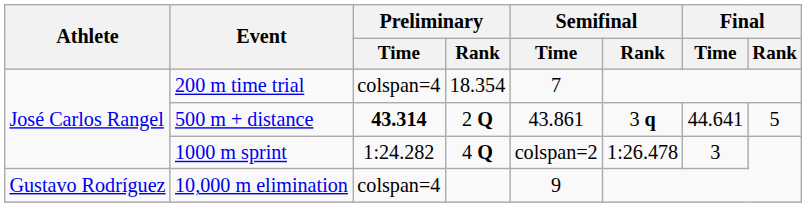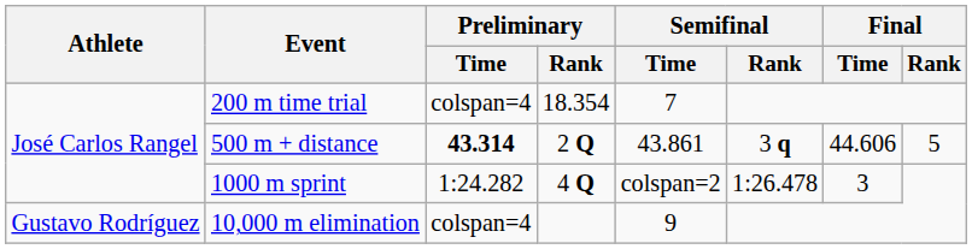 <table class=wikitable style=font-size:90%;text-align:center>
 <tr>
 <th rowspan=2>Athlete</th>
 <th rowspan=2>Event</th>
 <th colspan=2>Preliminary</th>
 <th colspan=2>Semifinal</th>
 <th colspan=2>Final</th>
 </tr>
 <tr style=font-size:95%>
 <th>Time</th>
 <th>Rank</th>
 <th>Time</th>
 <th>Rank</th>
 <th>Time</th>
 <th>Rank</th>
 </tr>
 <tr>
 <td rowspan=3 align=left><a href='#'>José Carlos Rangel</a></td>
 <td align=left><a href='#'>200 m time trial</a></td>
 <td>colspan=4 </td>
 <td>18.354</td>
 <td>7</td>
 </tr>
 <tr>
 <td align=left><a href='#'>500 m + distance</a></td>
 <td><strong>43.314</strong></td>
 <td>2 <strong>Q</strong></td>
 <td>43.861</td>
 <td>3 <strong>q</strong></td>
-<td>44.641</td>
+<td>44.606</td>
 <td>5</td>
 </tr>
 <tr>
 <td align=left><a href='#'>1000 m sprint</a></td>
 <td>1:24.282</td>
 <td>4 <strong>Q</strong></td>
 <td>colspan=2 </td>
 <td>1:26.478</td>
 <td>3</td>
 </tr>
 <tr>
 <td align=left><a href='#'>Gustavo Rodríguez</a></td>
 <td align=left><a href='#'>10,000 m elimination</a></td>
 <td>colspan=4 </td>
 <td></td>
 <td>9</td>
 </tr>
 </table>
